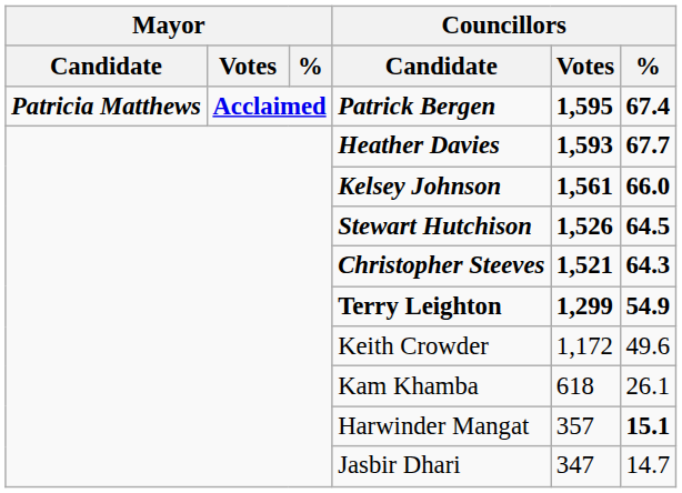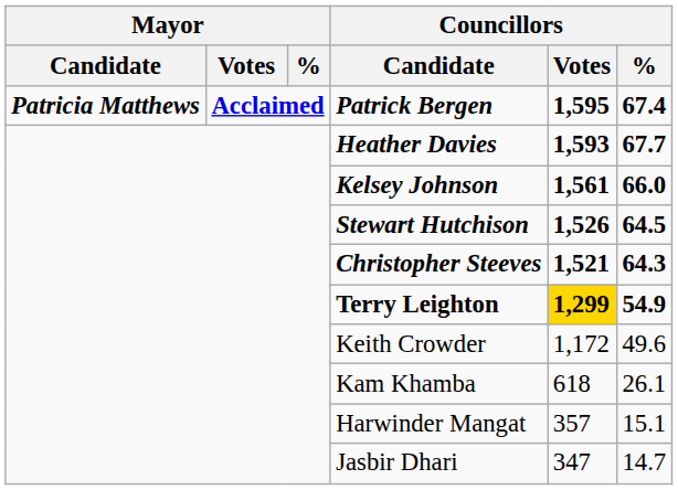 <table class="wikitable collapsible collapsed" align="right">
 <tr>
 <th colspan=3>Mayor</th>
 <th colspan=3>Councillors</th>
 </tr>
 <tr>
 <th>Candidate</th>
 <th>Votes</th>
 <th>%</th>
 <th>Candidate</th>
 <th>Votes</th>
 <th>%</th>
 </tr>
 <tr>
 <td><strong><em>Patricia Matthews</em></strong></td>
 <td colspan=2><strong><a href='#'>Acclaimed</a></strong></td>
 <td><strong><em>Patrick Bergen</em></strong></td>
 <td><strong>1,595</strong></td>
 <td><strong>67.4</strong></td>
 </tr>
 <tr>
 <td rowspan=9 colspan=3></td>
 <td><strong><em>Heather Davies</em></strong></td>
 <td><strong>1,593</strong></td>
 <td><strong>67.7</strong></td>
 </tr>
 <tr>
 <td><strong><em>Kelsey Johnson</em></strong></td>
 <td><strong>1,561</strong></td>
 <td><strong>66.0</strong></td>
 </tr>
 <tr>
 <td><strong><em>Stewart Hutchison</em></strong></td>
 <td><strong>1,526</strong></td>
 <td><strong>64.5</strong></td>
 </tr>
 <tr>
 <td><strong><em>Christopher Steeves</em></strong></td>
 <td><strong>1,521</strong></td>
 <td><strong>64.3</strong></td>
 </tr>
 <tr>
 <td><strong>Terry Leighton</strong></td>
-<td><strong>1,299</strong></td>
+<td style="background: gold;"><strong>1,299</strong></td>
 <td><strong>54.9</strong></td>
 </tr>
 <tr>
 <td>Keith Crowder</td>
 <td>1,172</td>
 <td>49.6</td>
 </tr>
 <tr>
 <td>Kam Khamba</td>
 <td>618</td>
 <td>26.1</td>
 </tr>
 <tr>
 <td>Harwinder Mangat</td>
 <td>357</td>
-<td><strong>15.1</strong></td>
+<td>15.1</td>
 </tr>
 <tr>
 <td>Jasbir Dhari</td>
 <td>347</td>
 <td>14.7</td>
 </tr>
 </table>
